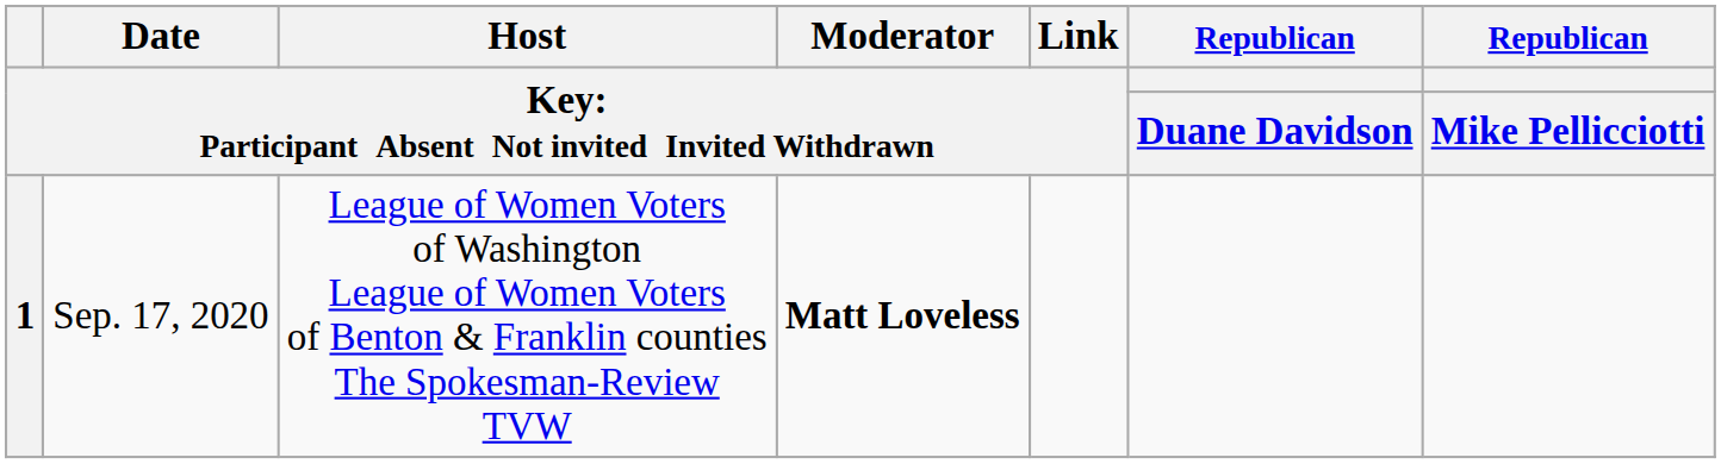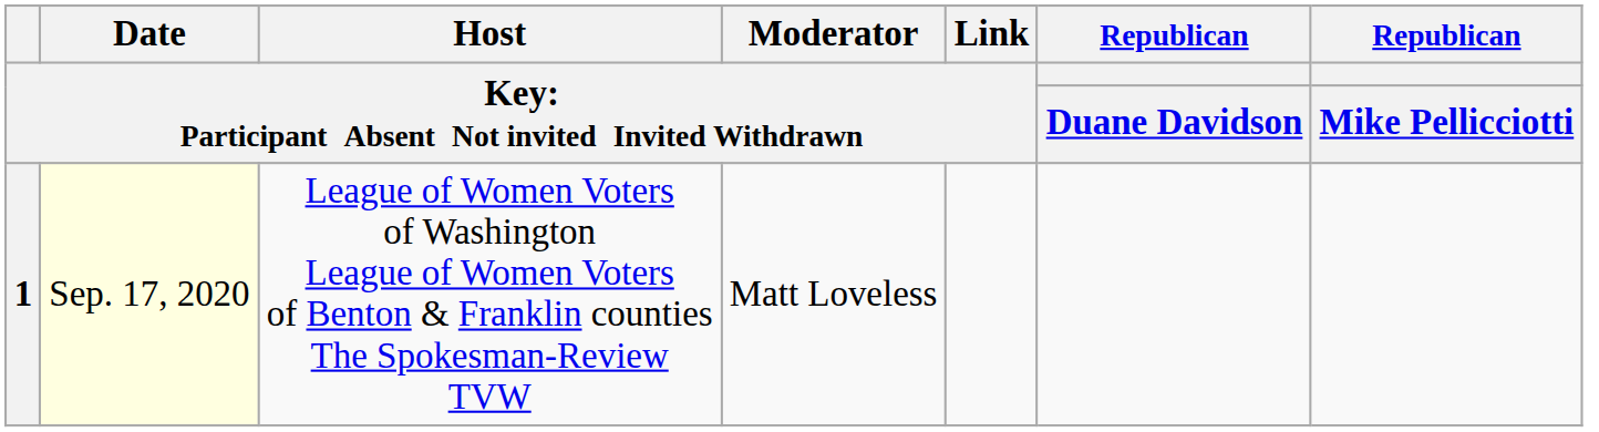 <table class="wikitable" style="text-align:center;">
 <tr>
 <th scope="col"></th>
 <th scope="col">Date</th>
 <th scope="col">Host</th>
 <th scope="col">Moderator</th>
 <th scope="col">Link</th>
 <th scope="col"><small><a href='#'>Republican</a></small></th>
 <th scope="col"><small><a href='#'>Republican</a></small></th>
 </tr>
 <tr>
 <th colspan="5" rowspan="2">Key:<br> <small>Participant </small>  <small>Absent </small>  <small>Not invited </small>  <small>Invited  Withdrawn</small></th>
 <th scope="col" style="background:"></th>
 <th scope="col" style="background:"></th>
 </tr>
 <tr>
 <th scope="col"><a href='#'>Duane Davidson</a></th>
 <th scope="col"><a href='#'>Mike Pellicciotti</a></th>
 </tr>
 <tr>
 <th>1</th>
-<td style="white-space:nowrap;">Sep. 17, 2020</td>
+<td style="background: lightyellow; white-space:nowrap;">Sep. 17, 2020</td>
 <td style="white-space:nowrap;"><a href='#'>League of Women Voters</a><br>of Washington<br><a href='#'>League of Women Voters</a><br>of <a href='#'>Benton</a> & <a href='#'>Franklin</a> counties<br><a href='#'>The Spokesman-Review</a><br><a href='#'>TVW</a></td>
-<td style="white-space:nowrap;"><strong>Matt Loveless</strong></td>
+<td style="white-space:nowrap;">Matt Loveless</td>
 <td style="white-space:nowrap;"></td>
 <td></td>
 <td></td>
 </tr>
 </table>
